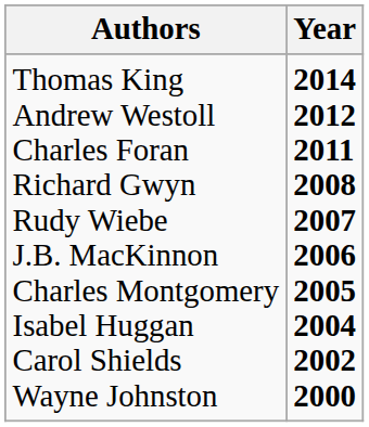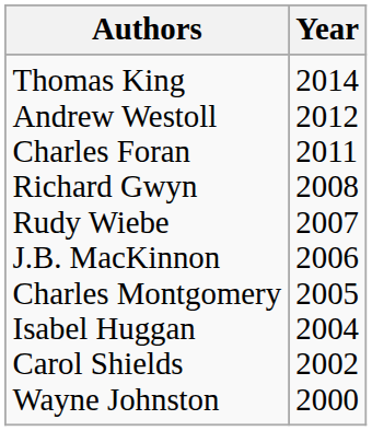 <table class="wikitable">
 <tr>
 <th>Authors</th>
 <th>Year</th>
 </tr>
 <tr>
 <td>Thomas King<br>Andrew Westoll<br>Charles Foran<br>Richard Gwyn<br>Rudy Wiebe<br>J.B. MacKinnon<br>Charles Montgomery<br>Isabel Huggan<br>Carol Shields<br>Wayne Johnston</td>
-<td><strong>2014<br>2012<br>2011<br>2008<br>2007<br>2006<br>2005<br>2004<br>2002<br>2000</strong></td>
+<td>2014<br>2012<br>2011<br>2008<br>2007<br>2006<br>2005<br>2004<br>2002<br>2000</td>
 </tr>
 </table>
